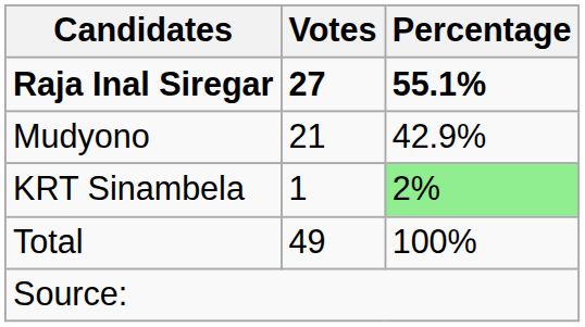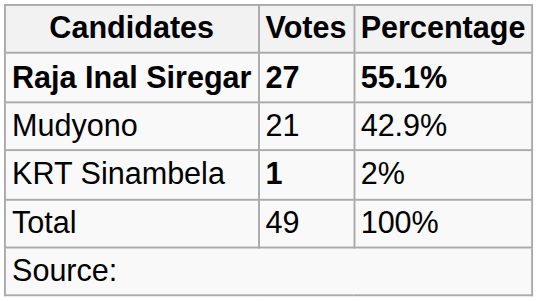 <table class="wikitable">
 <tr>
 <th>Candidates</th>
 <th>Votes</th>
 <th>Percentage</th>
 </tr>
 <tr>
 <td><strong>Raja Inal Siregar</strong></td>
 <td><strong>27</strong></td>
 <td><strong>55.1%</strong></td>
 </tr>
 <tr>
 <td>Mudyono</td>
 <td>21</td>
 <td>42.9%</td>
 </tr>
 <tr>
 <td>KRT Sinambela</td>
-<td>1</td>
-<td style="background: lightgreen;">2%</td>
+<td><strong>1</strong></td>
+<td>2%</td>
 </tr>
 <tr>
 <td>Total</td>
 <td>49</td>
 <td>100%</td>
 </tr>
 <tr>
 <td colspan="3">Source:</td>
 </tr>
 </table>
